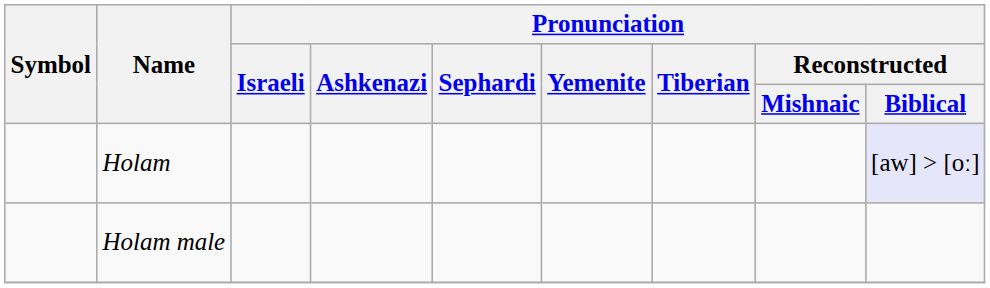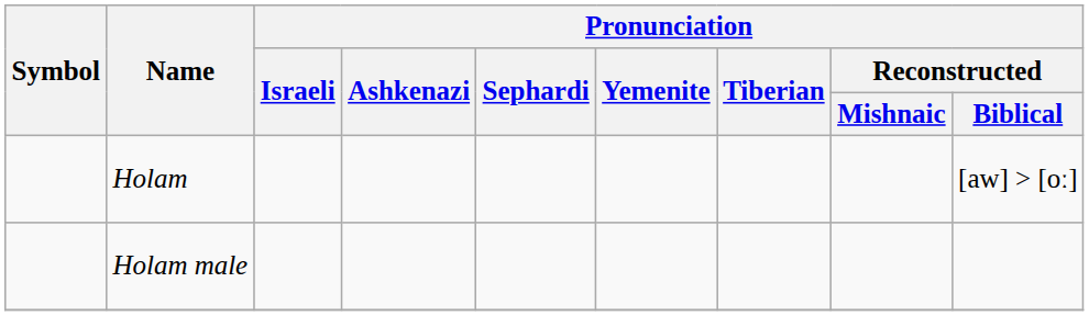 <table class="wikitable">
 <tr>
 <th rowspan=3>Symbol</th>
 <th rowspan=3>Name</th>
 <th colspan=7><a href='#'>Pronunciation</a></th>
 </tr>
 <tr>
 <th rowspan=2><a href='#'>Israeli</a></th>
 <th rowspan=2><a href='#'>Ashkenazi</a></th>
 <th rowspan=2><a href='#'>Sephardi</a></th>
 <th rowspan=2><a href='#'>Yemenite</a></th>
 <th rowspan=2><a href='#'>Tiberian</a></th>
 <th colspan=2>Reconstructed</th>
 </tr>
 <tr>
 <th><a href='#'>Mishnaic</a></th>
 <th><a href='#'>Biblical</a></th>
 </tr>
 <tr>
 <td style="font-size:200%; text-align:center;"><br></td>
 <td><em>Holam</em></td>
 <td></td>
 <td></td>
 <td></td>
 <td></td>
 <td></td>
 <td></td>
-<td style="background: lavender;">[aw] > [o<strong>ː</strong>]</td>
+<td>[aw] > [o<strong>ː</strong>]</td>
 </tr>
 <tr>
 <td style="font-size:200%; text-align:center;"><br> </td>
 <td><em>Holam male</em></td>
 <td></td>
 <td></td>
 <td></td>
 <td></td>
 <td></td>
 <td></td>
 <td></td>
 </tr>
 <tr>
 </tr>
 </table>
